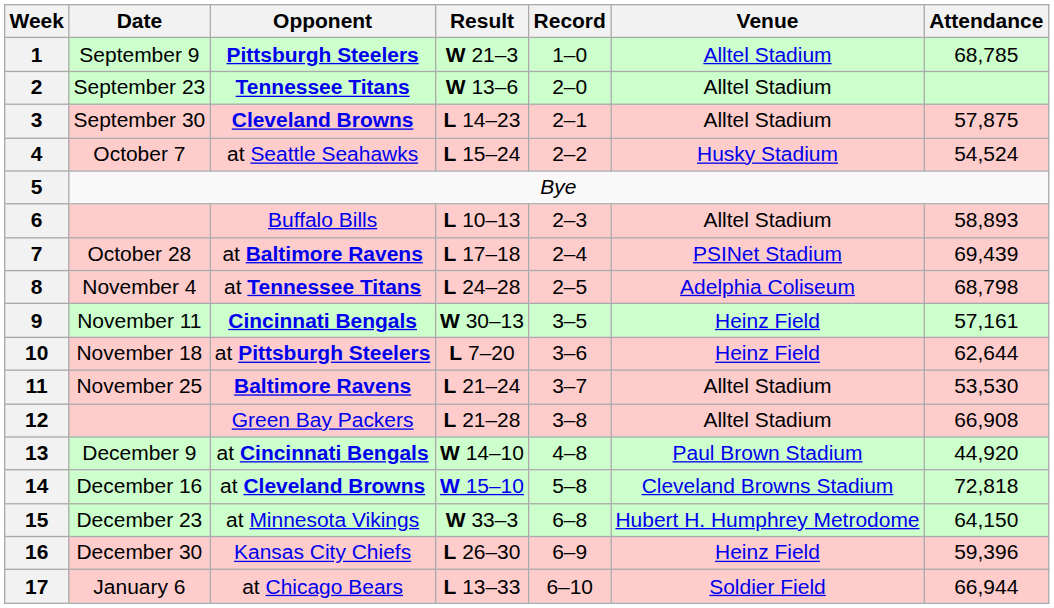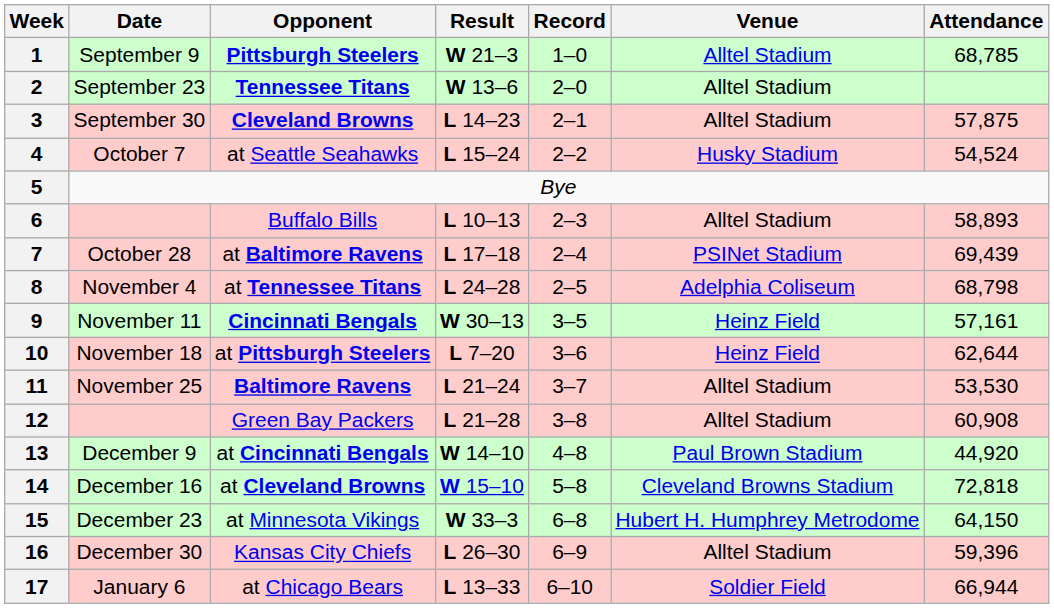 <table class="wikitable" style="text-align:center">
 <tr>
 <th>Week</th>
 <th>Date</th>
 <th>Opponent</th>
 <th>Result</th>
 <th>Record</th>
 <th>Venue</th>
 <th>Attendance</th>
 </tr>
 <tr style="background: #cfc;">
 <th>1</th>
 <td>September 9</td>
 <td><strong><a href='#'>Pittsburgh Steelers</a></strong></td>
 <td><strong>W</strong> 21–3</td>
 <td>1–0</td>
 <td><a href='#'>Alltel Stadium</a></td>
 <td>68,785</td>
 </tr>
 <tr style="background: #cfc;">
 <th>2</th>
 <td>September 23</td>
 <td><strong><a href='#'>Tennessee Titans</a></strong></td>
 <td><strong>W</strong> 13–6</td>
 <td>2–0</td>
 <td>Alltel Stadium</td>
 <td></td>
 </tr>
 <tr style="background: #fcc;">
 <th>3</th>
 <td>September 30</td>
 <td><strong><a href='#'>Cleveland Browns</a></strong></td>
 <td><strong>L</strong> 14–23</td>
 <td>2–1</td>
 <td>Alltel Stadium</td>
 <td>57,875</td>
 </tr>
 <tr style="background: #fcc;">
 <th>4</th>
 <td>October 7</td>
 <td>at <a href='#'>Seattle Seahawks</a></td>
 <td><strong>L</strong> 15–24</td>
 <td>2–2</td>
 <td><a href='#'>Husky Stadium</a></td>
 <td>54,524</td>
 </tr>
 <tr>
 <th>5</th>
 <td colspan=6 align="center"><em>Bye</em></td>
 </tr>
 <tr style="background: #fcc;">
 <th>6</th>
 <td></td>
 <td><a href='#'>Buffalo Bills</a></td>
 <td><strong>L</strong> 10–13</td>
 <td>2–3</td>
 <td>Alltel Stadium</td>
 <td>58,893</td>
 </tr>
 <tr style="background: #fcc;">
 <th>7</th>
 <td>October 28</td>
 <td>at <strong><a href='#'>Baltimore Ravens</a></strong></td>
 <td><strong>L</strong> 17–18</td>
 <td>2–4</td>
 <td><a href='#'>PSINet Stadium</a></td>
 <td>69,439</td>
 </tr>
 <tr style="background: #fcc;">
 <th>8</th>
 <td>November 4</td>
 <td>at <strong><a href='#'>Tennessee Titans</a></strong></td>
 <td><strong>L</strong> 24–28</td>
 <td>2–5</td>
 <td><a href='#'>Adelphia Coliseum</a></td>
 <td>68,798</td>
 </tr>
 <tr style="background: #cfc;">
 <th>9</th>
 <td>November 11</td>
 <td><strong><a href='#'>Cincinnati Bengals</a></strong></td>
 <td><strong>W</strong> 30–13</td>
 <td>3–5</td>
 <td><a href='#'>Heinz Field</a></td>
 <td>57,161</td>
 </tr>
 <tr style="background: #fcc;">
 <th>10</th>
 <td>November 18</td>
 <td>at <strong><a href='#'>Pittsburgh Steelers</a></strong></td>
 <td><strong>L</strong> 7–20</td>
 <td>3–6</td>
 <td><a href='#'>Heinz Field</a></td>
 <td>62,644</td>
 </tr>
 <tr style="background: #fcc;">
 <th>11</th>
 <td>November 25</td>
 <td><strong><a href='#'>Baltimore Ravens</a></strong></td>
 <td><strong>L</strong> 21–24</td>
 <td>3–7</td>
 <td>Alltel Stadium</td>
 <td>53,530</td>
 </tr>
 <tr style="background: #fcc;">
 <th>12</th>
 <td></td>
 <td><a href='#'>Green Bay Packers</a></td>
 <td><strong>L</strong> 21–28</td>
 <td>3–8</td>
 <td>Alltel Stadium</td>
-<td>66,908</td>
+<td>60,908</td>
 </tr>
 <tr style="background: #cfc;">
 <th>13</th>
 <td>December 9</td>
 <td>at <strong><a href='#'>Cincinnati Bengals</a></strong></td>
 <td><strong>W</strong> 14–10</td>
 <td>4–8</td>
 <td><a href='#'>Paul Brown Stadium</a></td>
 <td>44,920</td>
 </tr>
 <tr style="background: #cfc;">
 <th>14</th>
 <td>December 16</td>
 <td>at <strong><a href='#'>Cleveland Browns</a></strong></td>
 <td><a href='#'><strong>W</strong> 15–10</a></td>
 <td>5–8</td>
 <td><a href='#'>Cleveland Browns Stadium</a></td>
 <td>72,818</td>
 </tr>
 <tr style="background: #cfc;">
 <th>15</th>
 <td>December 23</td>
 <td>at <a href='#'>Minnesota Vikings</a></td>
 <td><strong>W</strong> 33–3</td>
 <td>6–8</td>
 <td><a href='#'>Hubert H. Humphrey Metrodome</a></td>
 <td>64,150</td>
 </tr>
 <tr style="background: #fcc;">
 <th>16</th>
 <td>December 30</td>
 <td><a href='#'>Kansas City Chiefs</a></td>
 <td><strong>L</strong> 26–30</td>
 <td>6–9</td>
-<td><a href='#'>Heinz Field</a></td>
+<td>Alltel Stadium</td>
 <td>59,396</td>
 </tr>
 <tr style="background: #fcc;">
 <th>17</th>
 <td>January 6</td>
 <td>at <a href='#'>Chicago Bears</a></td>
 <td><strong>L</strong> 13–33</td>
 <td>6–10</td>
 <td><a href='#'>Soldier Field</a></td>
 <td>66,944</td>
 </tr>
 </table>
